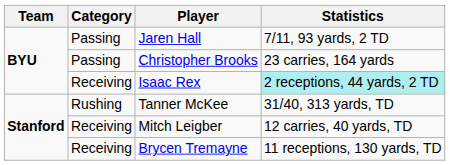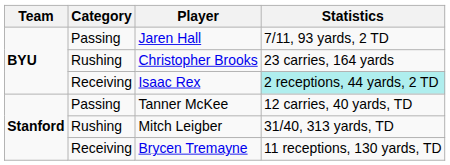 <table class="wikitable" style="float: right;">
 <tr>
 <th>Team</th>
 <th>Category</th>
 <th>Player</th>
 <th>Statistics</th>
 </tr>
 <tr>
 <td rowspan=3><strong>BYU</strong></td>
 <td>Passing</td>
 <td><a href='#'>Jaren Hall</a></td>
 <td>7/11, 93 yards, 2 TD</td>
 </tr>
 <tr>
-<td>Passing</td>
+<td>Rushing</td>
 <td><a href='#'>Christopher Brooks</a></td>
 <td>23 carries, 164 yards</td>
 </tr>
 <tr>
 <td>Receiving</td>
 <td><a href='#'>Isaac Rex</a></td>
 <td style="background: paleturquoise;">2 receptions, 44 yards, 2 TD</td>
 </tr>
 <tr>
 <td rowspan=3><strong>Stanford</strong></td>
-<td>Rushing</td>
+<td>Passing</td>
 <td>Tanner McKee</td>
-<td>31/40, 313 yards, TD</td>
+<td>12 carries, 40 yards, TD</td>
 </tr>
 <tr>
-<td>Receiving</td>
+<td>Rushing</td>
 <td>Mitch Leigber</td>
-<td>12 carries, 40 yards, TD</td>
+<td>31/40, 313 yards, TD</td>
 </tr>
 <tr>
 <td>Receiving</td>
 <td><a href='#'>Brycen Tremayne</a></td>
 <td>11 receptions, 130 yards, TD</td>
 </tr>
 </table>
